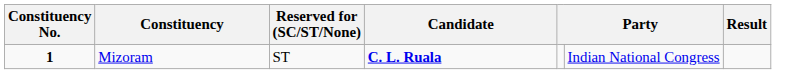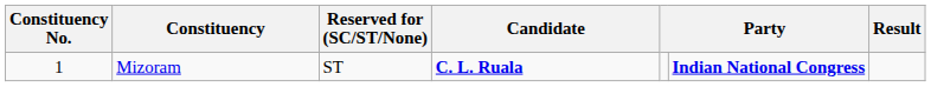 <table class= "wikitable sortable">
 <tr>
 <th>Constituency <br> No.</th>
 <th style="width:180px;">Constituency</th>
 <th>Reserved for<br>(SC/ST/None)</th>
 <th style="width:200px;">Candidate</th>
 <th colspan="2">Party</th>
 <th>Result</th>
 </tr>
 <tr>
-<td align="center"><strong>1</strong></td>
+<td align="center">1</td>
 <td><a href='#'>Mizoram</a></td>
 <td>ST</td>
 <td><strong><a href='#'>C. L. Ruala</a></strong></td>
 <td bgcolor=></td>
-<td><a href='#'>Indian National Congress</a></td>
+<td><strong><a href='#'>Indian National Congress</a></strong></td>
 <td></td>
 </tr>
 </table>
